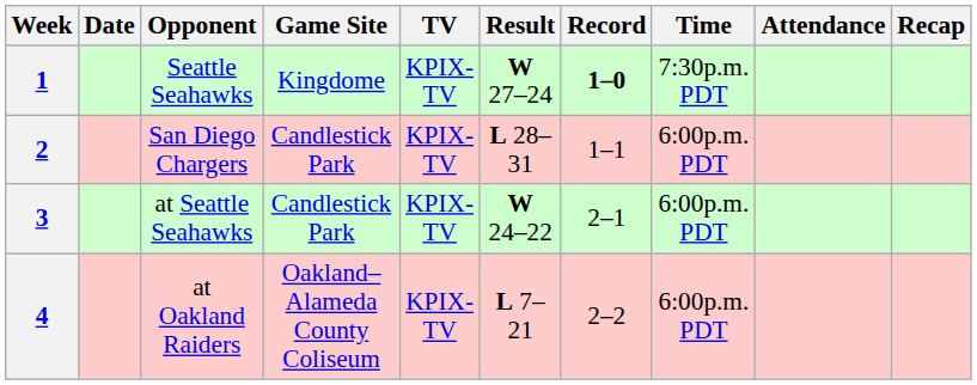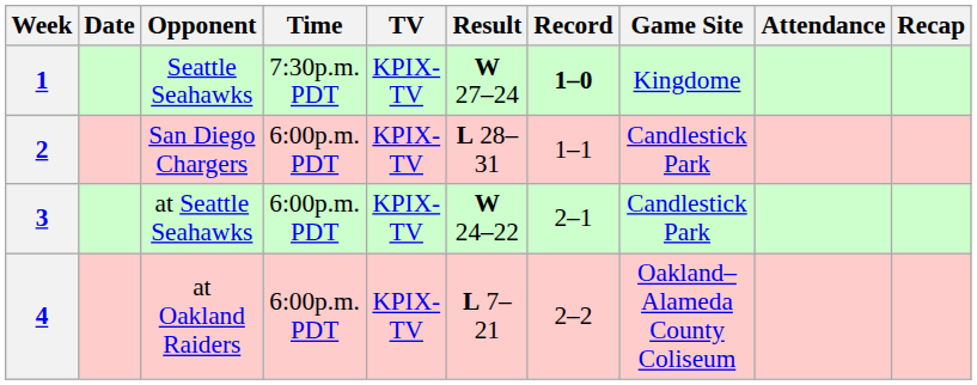 <table class="wikitable" style="text-align:center">
 <tr>
 <th>Week</th>
 <th>Date</th>
 <th>Opponent</th>
-<th>Game Site</th>
+<th>Time</th>
 <th>TV</th>
 <th>Result</th>
 <th>Record</th>
-<th>Time</th>
+<th>Game Site</th>
 <th>Attendance</th>
 <th>Recap</th>
 </tr>
 <tr style="background:#cfc">
 <th><a href='#'>1</a></th>
 <td></td>
 <td><a href='#'>Seattle Seahawks</a></td>
-<td><a href='#'>Kingdome</a></td>
+<td>7:30p.m. <a href='#'>PDT</a></td>
 <td><a href='#'>KPIX-TV</a></td>
 <td><strong>W</strong> 27–24 </td>
 <td><strong>1–0</strong></td>
-<td>7:30p.m. <a href='#'>PDT</a></td>
+<td><a href='#'>Kingdome</a></td>
 <td></td>
 <td></td>
 </tr>
 <tr style="background:#fcc">
 <th><a href='#'>2</a></th>
 <td></td>
 <td><a href='#'>San Diego Chargers</a></td>
-<td><a href='#'>Candlestick Park</a></td>
+<td>6:00p.m. <a href='#'>PDT</a></td>
 <td><a href='#'>KPIX-TV</a></td>
 <td><strong>L</strong> 28–31</td>
 <td>1–1</td>
-<td>6:00p.m. <a href='#'>PDT</a></td>
+<td><a href='#'>Candlestick Park</a></td>
 <td></td>
 <td></td>
 </tr>
 <tr style="background:#cfc">
 <th><a href='#'>3</a></th>
 <td></td>
 <td>at <a href='#'>Seattle Seahawks</a></td>
-<td><a href='#'>Candlestick Park</a></td>
+<td>6:00p.m. <a href='#'>PDT</a></td>
 <td><a href='#'>KPIX-TV</a></td>
 <td><strong>W</strong> 24–22</td>
 <td>2–1</td>
-<td>6:00p.m. <a href='#'>PDT</a></td>
+<td><a href='#'>Candlestick Park</a></td>
 <td></td>
 <td></td>
 </tr>
 <tr style="background:#fcc">
 <th><a href='#'>4</a></th>
 <td></td>
 <td>at <a href='#'>Oakland Raiders</a></td>
-<td><a href='#'>Oakland–Alameda County Coliseum</a></td>
+<td>6:00p.m. <a href='#'>PDT</a></td>
 <td><a href='#'>KPIX-TV</a></td>
 <td><strong>L</strong> 7–21</td>
 <td>2–2</td>
-<td>6:00p.m. <a href='#'>PDT</a></td>
+<td><a href='#'>Oakland–Alameda County Coliseum</a></td>
 <td></td>
 <td></td>
 </tr>
 </table>
